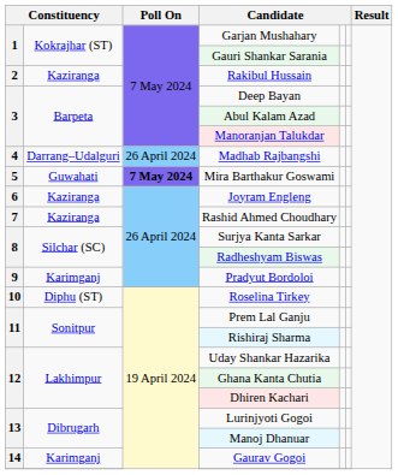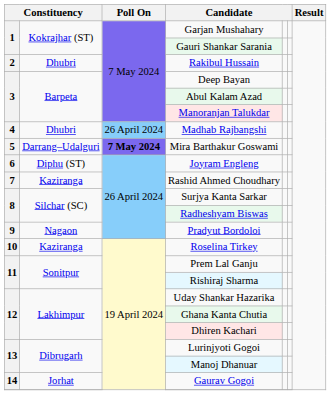 <table class="wikitable sortable" style="text-align:center;">
 <tr>
 <th colspan="2">Constituency</th>
 <th>Poll On</th>
 <th colspan="3">Candidate</th>
 <th>Result</th>
 </tr>
 <tr>
 <th rowspan="2">1</th>
 <td rowspan="2"><a href='#'>Kokrajhar</a> (ST)</td>
 <td rowspan="6" bgcolor=#7B68EE>7 May 2024</td>
 <td>Garjan Mushahary</td>
 <td></td>
 <td></td>
 </tr>
 <tr>
 <td style="background:#E8f9ec">Gauri Shankar Sarania</td>
 <td></td>
 <td></td>
 </tr>
 <tr>
 <th>2</th>
-<td><a href='#'>Kaziranga</a></td>
+<td><a href='#'>Dhubri</a></td>
 <td><a href='#'>Rakibul Hussain</a></td>
 <td></td>
 <td></td>
 </tr>
 <tr>
 <th rowspan="3">3</th>
 <td rowspan="3"><a href='#'>Barpeta</a></td>
 <td>Deep Bayan</td>
 <td></td>
 <td></td>
 </tr>
 <tr>
 <td style="background:#E8f9ec">Abul Kalam Azad</td>
 <td></td>
 <td></td>
 </tr>
 <tr>
 <td style="background:#FFE6E6"><a href='#'>Manoranjan Talukdar</a></td>
 <td></td>
 <td></td>
 </tr>
 <tr>
 <th>4</th>
-<td><a href='#'>Darrang–Udalguri</a></td>
+<td><a href='#'>Dhubri</a></td>
 <td bgcolor=#87CEFA>26 April 2024</td>
 <td><a href='#'>Madhab Rajbangshi</a></td>
 <td></td>
 <td></td>
 </tr>
 <tr>
 <th>5</th>
-<td><a href='#'>Guwahati</a></td>
+<td><a href='#'>Darrang–Udalguri</a></td>
 <td bgcolor=#7B68EE><strong>7 May 2024</strong></td>
 <td>Mira Barthakur Goswami</td>
 <td></td>
 <td></td>
 </tr>
 <tr>
 <th>6</th>
-<td><a href='#'>Kaziranga</a></td>
+<td><a href='#'>Diphu</a> (ST)</td>
 <td rowspan="5" bgcolor=#87CEFA>26 April 2024</td>
 <td><a href='#'>Joyram Engleng</a></td>
 <td></td>
 <td></td>
 </tr>
 <tr>
 <th>7</th>
 <td><a href='#'>Kaziranga</a></td>
 <td>Rashid Ahmed Choudhary</td>
 <td></td>
 <td></td>
 </tr>
 <tr>
 <th rowspan="2">8</th>
 <td rowspan="2"><a href='#'>Silchar</a> (SC)</td>
 <td>Surjya Kanta Sarkar</td>
 <td></td>
 <td></td>
 </tr>
 <tr>
 <td style="background:#E8f9ec"><a href='#'>Radheshyam Biswas</a></td>
 <td></td>
 <td></td>
 </tr>
 <tr>
 <th>9</th>
-<td><a href='#'>Karimganj</a></td>
+<td><a href='#'>Nagaon</a></td>
 <td><a href='#'>Pradyut Bordoloi</a></td>
 <td></td>
 <td></td>
 </tr>
 <tr>
 <th>10</th>
-<td><a href='#'>Diphu</a> (ST)</td>
+<td><a href='#'>Kaziranga</a></td>
 <td rowspan="10" bgcolor=#FFFACD>19 April 2024</td>
 <td><a href='#'>Roselina Tirkey</a></td>
 <td></td>
 <td></td>
 </tr>
 <tr>
 <th rowspan="2">11</th>
 <td rowspan="2"><a href='#'>Sonitpur</a></td>
 <td>Prem Lal Ganju</td>
 <td></td>
 <td></td>
 </tr>
 <tr>
 <td style="background:#E5F8FF">Rishiraj Sharma</td>
 <td></td>
 <td></td>
 </tr>
 <tr>
 <th rowspan="3">12</th>
 <td rowspan="3"><a href='#'>Lakhimpur</a></td>
 <td>Uday Shankar Hazarika</td>
 <td></td>
 <td></td>
 </tr>
 <tr>
 <td style="background:#E8f9ec">Ghana Kanta Chutia</td>
 <td></td>
 <td></td>
 </tr>
 <tr>
 <td style="background:#FFE6E6">Dhiren Kachari</td>
 <td></td>
 <td></td>
 </tr>
 <tr>
 <th rowspan="2">13</th>
 <td rowspan="2"><a href='#'>Dibrugarh</a></td>
 <td>Lurinjyoti Gogoi</td>
 <td></td>
 <td></td>
 </tr>
 <tr>
 <td style="background:#E5F8FF">Manoj Dhanuar</td>
 <td></td>
 <td></td>
 </tr>
 <tr>
 <th>14</th>
-<td><a href='#'>Karimganj</a></td>
+<td><a href='#'>Jorhat</a></td>
 <td><a href='#'>Gaurav Gogoi</a></td>
 <td></td>
 <td></td>
 </tr>
 <tr>
 </tr>
 </table>
